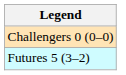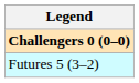 <table class=wikitable style=font-size:97%>
 <tr>
 <th>Legend</th>
 </tr>
 <tr style="background:moccasin;">
-<td>Challengers 0 (0–0)</td>
+<td><strong>Challengers 0 (0–0)</strong></td>
 </tr>
 <tr style="background:#cffcff;">
 <td>Futures 5 (3–2)</td>
 </tr>
 </table>
